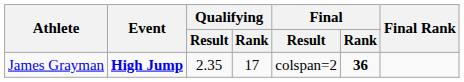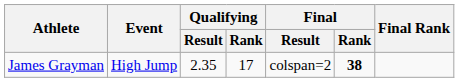 <table class="wikitable" style="font-size:90%">
 <tr>
 <th rowspan="2">Athlete</th>
 <th rowspan="2">Event</th>
 <th colspan="2">Qualifying</th>
 <th colspan="2">Final</th>
 <th colspan="2" rowspan="2">Final Rank</th>
 </tr>
 <tr style="font-size:95%">
 <th>Result</th>
 <th>Rank</th>
 <th>Result</th>
 <th>Rank</th>
 </tr>
 <tr align=center>
 <td align=left><a href='#'>James Grayman</a></td>
-<td align=left><strong><a href='#'>High Jump</a></strong></td>
+<td align=left><a href='#'>High Jump</a></td>
 <td>2.35</td>
 <td>17</td>
 <td>colspan=2 </td>
-<td><strong>36</strong></td>
+<td><strong>38</strong></td>
 </tr>
 </table>
